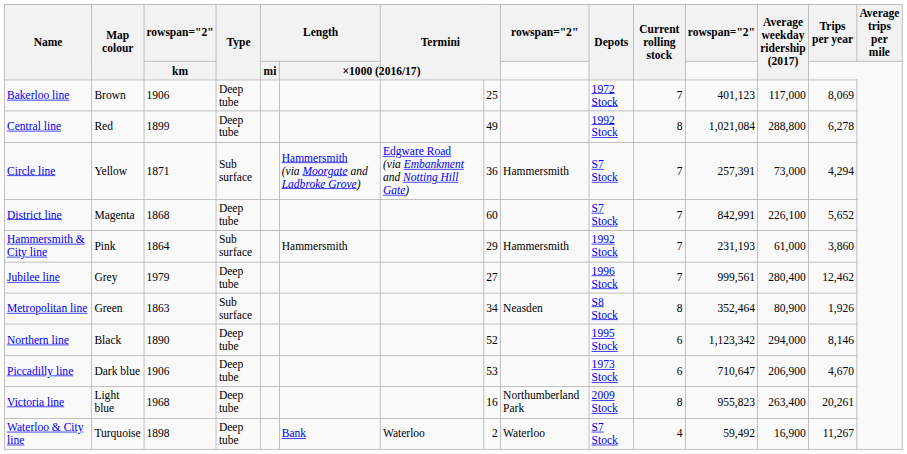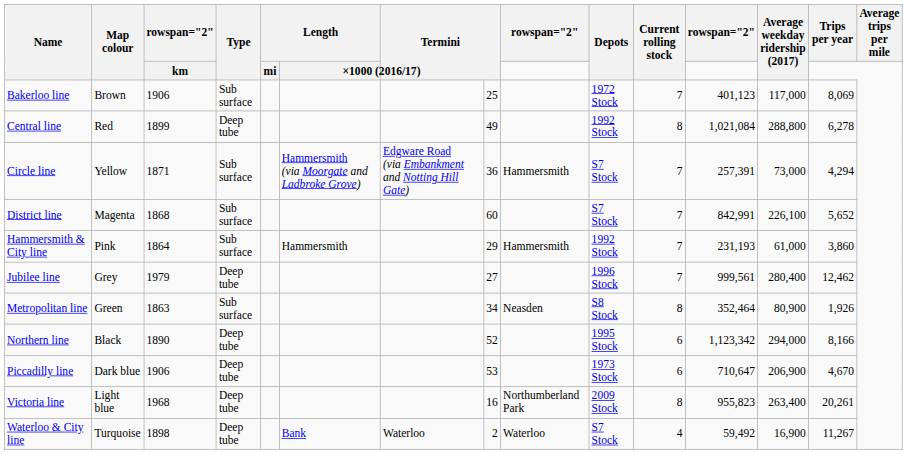 <table class="sortable wikitable small">
 <tr>
 <th rowspan="2">Name</th>
 <th rowspan="2" class="unsortable">Map<br>colour<br></th>
 <th>rowspan="2" </th>
 <th rowspan="2">Type</th>
 <th colspan="2">Length</th>
 <th colspan="2" rowspan="2" class="unsortable">Termini</th>
 <th>rowspan="2" </th>
 <th rowspan="2" class="unsortable">Depots</th>
 <th rowspan="2">Current<br>rolling stock</th>
 <th>rowspan="2" </th>
 <th rowspan="2">Average<br>weekday<br>ridership<br>(2017)</th>
 <th data-sort-type="number">Trips per year</th>
 <th>Average<br>trips<br>per mile</th>
 </tr>
 <tr>
 <th>km</th>
 <th>mi</th>
 <th colspan="2">×1000 (2016/17)</th>
 </tr>
 <tr>
 <td style="text-align:left;"><a href='#'>Bakerloo line</a></td>
 <td style="background:#">Brown</td>
 <td>1906</td>
-<td>Deep tube</td>
+<td>Sub surface</td>
 <td></td>
 <td class="small"></td>
 <td class="small"></td>
 <td style="text-align:right;">25</td>
 <td class="small"></td>
 <td><a href='#'>1972 Stock</a></td>
 <td style="text-align:right;">7</td>
 <td style="text-align:right;">401,123</td>
 <td style="text-align:right;">117,000</td>
 <td style="text-align:right;">8,069</td>
 </tr>
 <tr>
 <td style="text-align:left;"><a href='#'>Central line</a></td>
 <td style="background:#">Red</td>
 <td>1899</td>
 <td>Deep tube</td>
 <td></td>
 <td class="small"></td>
 <td class="small"></td>
 <td style="text-align:right;">49</td>
 <td class="small"></td>
 <td><a href='#'>1992 Stock</a></td>
 <td style="text-align:right;">8</td>
 <td style="text-align:right;">1,021,084</td>
 <td style="text-align:right;">288,800</td>
 <td style="text-align:right;">6,278</td>
 </tr>
 <tr>
 <td style="text-align:left;"><a href='#'>Circle line</a></td>
 <td style="background:#">Yellow</td>
 <td>1871</td>
 <td>Sub surface</td>
 <td></td>
 <td class="small"><a href='#'>Hammersmith</a><br><em>(via <a href='#'>Moorgate</a> and <a href='#'>Ladbroke Grove</a>)</em></td>
 <td class="small"><a href='#'>Edgware Road</a><br><em>(via <a href='#'>Embankment</a> and <a href='#'>Notting Hill Gate</a>)</em></td>
 <td style="text-align:right;">36</td>
 <td class="small">Hammersmith</td>
 <td><a href='#'>S7 Stock</a></td>
 <td style="text-align:right;">7</td>
 <td style="text-align:right;">257,391</td>
 <td style="text-align:right;">73,000</td>
 <td style="text-align:right;">4,294</td>
 </tr>
 <tr>
 <td style="text-align:left;"><a href='#'>District line</a></td>
 <td style="background:#">Magenta</td>
 <td>1868</td>
-<td>Deep tube</td>
+<td>Sub surface</td>
 <td></td>
 <td class="small"></td>
 <td class="small"></td>
 <td style="text-align:right;">60</td>
 <td class="small"></td>
 <td><a href='#'>S7 Stock</a></td>
 <td style="text-align:right;">7</td>
 <td style="text-align:right;">842,991</td>
 <td style="text-align:right;">226,100</td>
 <td style="text-align:right;">5,652</td>
 </tr>
 <tr>
 <td style="text-align:left;"><a href='#'>Hammersmith & City line</a></td>
 <td style="background:#">Pink</td>
 <td>1864</td>
 <td>Sub surface</td>
 <td></td>
 <td class="small">Hammersmith</td>
 <td class="small"></td>
 <td style="text-align:right;">29</td>
 <td class="small">Hammersmith</td>
 <td><a href='#'>1992 Stock</a></td>
 <td style="text-align:right;">7</td>
 <td style="text-align:right;">231,193</td>
 <td style="text-align:right;">61,000</td>
 <td style="text-align:right;">3,860</td>
 </tr>
 <tr>
 <td style="text-align:left;"><a href='#'>Jubilee line</a></td>
 <td style="background:#">Grey</td>
 <td>1979</td>
 <td>Deep tube</td>
 <td></td>
 <td class="small"></td>
 <td class="small"></td>
 <td style="text-align:right;">27</td>
 <td class="small"></td>
 <td><a href='#'>1996 Stock</a></td>
 <td style="text-align:right;">7</td>
 <td style="text-align:right;">999,561</td>
 <td style="text-align:right;">280,400</td>
 <td style="text-align:right;">12,462</td>
 </tr>
 <tr>
 <td style="text-align:left;"><a href='#'>Metropolitan line</a></td>
 <td style="background:#">Green</td>
 <td>1863</td>
 <td>Sub surface</td>
 <td></td>
 <td class="small"></td>
 <td class="small"></td>
 <td style="text-align:right;">34</td>
 <td class="small">Neasden</td>
 <td><a href='#'>S8 Stock</a></td>
 <td style="text-align:right;">8</td>
 <td style="text-align:right;">352,464</td>
 <td style="text-align:right;">80,900</td>
 <td style="text-align:right;">1,926</td>
 </tr>
 <tr>
 <td style="text-align:left;"><a href='#'>Northern line</a></td>
 <td style="background:#">Black</td>
 <td>1890</td>
 <td>Deep tube</td>
 <td></td>
 <td class="small"></td>
 <td class="small"></td>
 <td style="text-align:right;">52</td>
 <td class="small"></td>
 <td><a href='#'>1995 Stock</a></td>
 <td style="text-align:right;">6</td>
 <td style="text-align:right;">1,123,342</td>
 <td style="text-align:right;">294,000</td>
-<td style="text-align:right;">8,146</td>
+<td style="text-align:right;">8,166</td>
 </tr>
 <tr>
 <td style="text-align:left;"><a href='#'>Piccadilly line</a></td>
 <td style="background:#">Dark blue</td>
 <td>1906</td>
 <td>Deep tube</td>
 <td></td>
 <td class="small"></td>
 <td class="small"></td>
 <td style="text-align:right;">53</td>
 <td class="small"></td>
 <td><a href='#'>1973 Stock</a></td>
 <td style="text-align:right;">6</td>
 <td style="text-align:right;">710,647</td>
 <td style="text-align:right;">206,900</td>
 <td style="text-align:right;">4,670</td>
 </tr>
 <tr>
 <td style="text-align:left;"><a href='#'>Victoria line</a></td>
 <td style="background:#">Light blue</td>
 <td>1968</td>
 <td>Deep tube</td>
 <td></td>
 <td class="small"></td>
 <td class="small"></td>
 <td style="text-align:right;">16</td>
 <td class="small">Northumberland Park</td>
 <td><a href='#'>2009 Stock</a></td>
 <td style="text-align:right;">8</td>
 <td style="text-align:right;">955,823</td>
 <td style="text-align:right;">263,400</td>
 <td style="text-align:right;">20,261</td>
 </tr>
 <tr>
 <td style="text-align:left;"><a href='#'>Waterloo & City line</a></td>
 <td style="background:#">Turquoise</td>
 <td>1898</td>
 <td>Deep tube</td>
 <td></td>
 <td class="small"><a href='#'>Bank</a></td>
 <td class="small">Waterloo</td>
 <td style="text-align:right;">2</td>
 <td class="small">Waterloo</td>
 <td><a href='#'>S7 Stock</a></td>
 <td style="text-align:right;">4</td>
 <td style="text-align:right;">59,492</td>
 <td style="text-align:right;">16,900</td>
 <td style="text-align:right;">11,267</td>
 </tr>
 </table>
